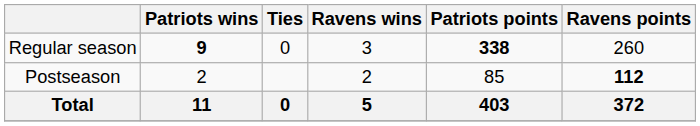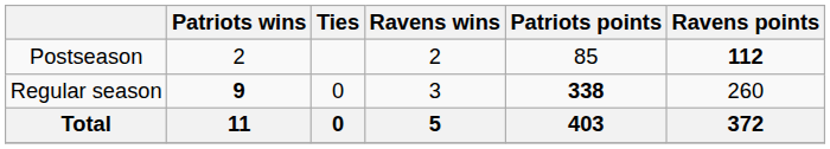 <table class="wikitable" style="text-align: center;">
 <tr>
 <th></th>
 <th>Patriots wins</th>
 <th>Ties</th>
 <th>Ravens wins</th>
 <th>Patriots points</th>
 <th>Ravens points</th>
 </tr>
 <tr>
+<td>Postseason</td>
+<td>2</td>
+<td></td>
+<td>2</td>
+<td>85</td>
+<td><strong>112</strong></td>
+</tr>
+<tr>
 <td>Regular season</td>
 <td><strong>9</strong></td>
 <td>0</td>
 <td>3</td>
 <td><strong>338</strong></td>
 <td>260</td>
-</tr>
-<tr>
-<td>Postseason</td>
-<td>2</td>
-<td></td>
-<td>2</td>
-<td>85</td>
-<td><strong>112</strong></td>
 </tr>
 <tr>
 <th>Total</th>
 <th>11</th>
 <th>0</th>
 <th>5</th>
 <th>403</th>
 <th>372</th>
 </tr>
 <tr>
 </tr>
 </table>
